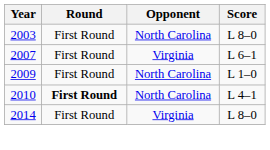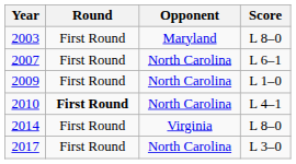 <table class="wikitable">
 <tr>
 <th style="width:40px; ">Year</th>
 <th style="width:100px; ">Round</th>
 <th style="width:110px; ">Opponent</th>
 <th style="width:50px; ">Score</th>
 </tr>
 <tr align="center">
 <td><a href='#'>2003</a></td>
 <td>First Round</td>
-<td><a href='#'>North Carolina</a></td>
+<td><a href='#'>Maryland</a></td>
 <td>L 8–0</td>
 </tr>
 <tr align="center">
 <td><a href='#'>2007</a></td>
 <td>First Round</td>
-<td><a href='#'>Virginia</a></td>
+<td><a href='#'>North Carolina</a></td>
 <td>L 6–1</td>
 </tr>
 <tr align="center">
 <td><a href='#'>2009</a></td>
 <td>First Round</td>
 <td><a href='#'>North Carolina</a></td>
 <td>L 1–0</td>
 </tr>
 <tr align="center">
 <td><a href='#'>2010</a></td>
 <td><strong>First Round</strong></td>
 <td><a href='#'>North Carolina</a></td>
 <td>L 4–1</td>
 </tr>
 <tr align="center">
 <td><a href='#'>2014</a></td>
 <td>First Round</td>
 <td><a href='#'>Virginia</a></td>
 <td>L 8–0</td>
 </tr>
+<tr align="center">
+<td><a href='#'>2017</a></td>
+<td>First Round</td>
+<td><a href='#'>North Carolina</a></td>
+<td>L 3–0</td>
+</tr>
 </table>
